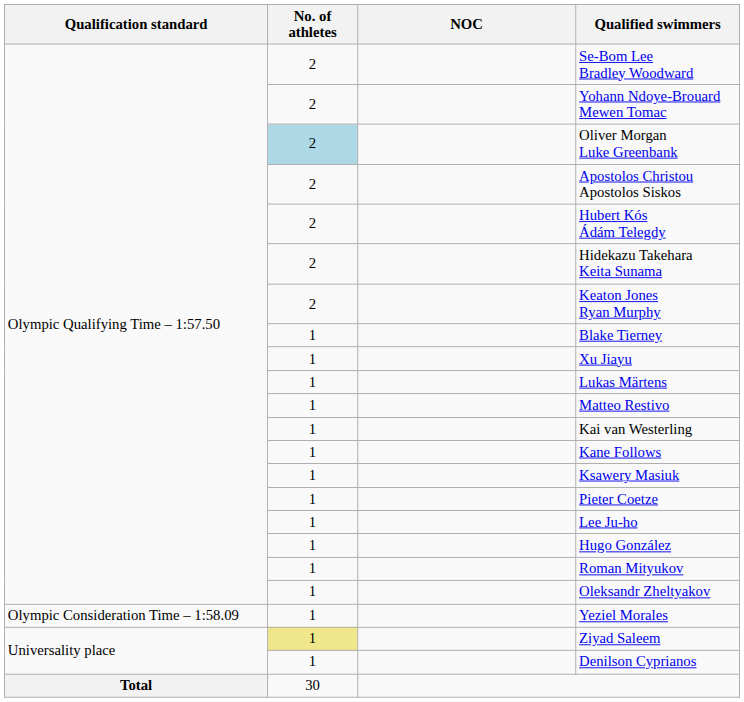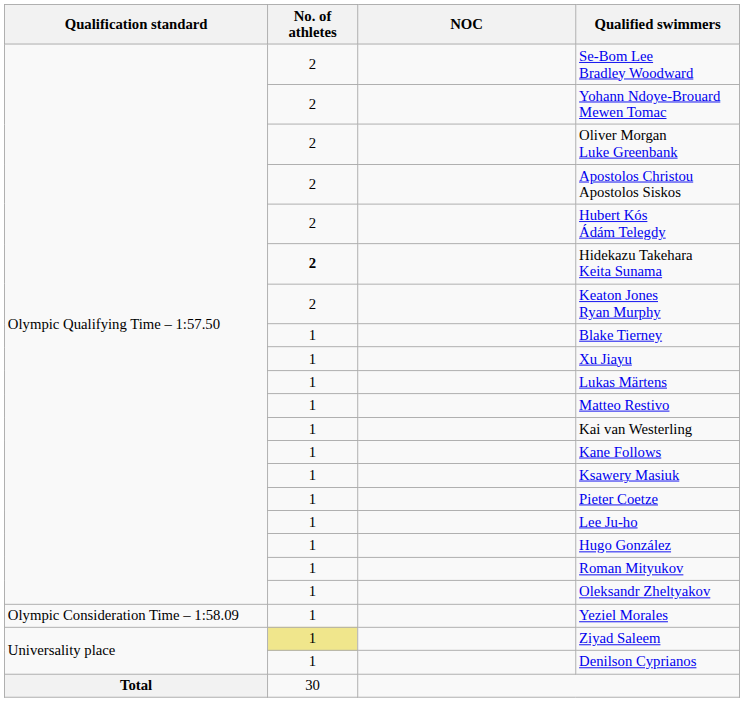 <table class=wikitable style="text-align:left" width=800>
 <tr>
 <th scope="col">Qualification standard</th>
 <th scope="col" width =90>No. of athletes</th>
 <th scope="col" width =230>NOC</th>
 <th scope="col">Qualified swimmers</th>
 </tr>
 <tr>
 <td rowspan=19>Olympic Qualifying Time – 1:57.50</td>
 <td align=center>2</td>
 <td></td>
 <td><a href='#'>Se-Bom Lee</a><br><a href='#'>Bradley Woodward</a></td>
 </tr>
 <tr>
 <td align=center>2</td>
 <td></td>
 <td><a href='#'>Yohann Ndoye-Brouard</a><br><a href='#'>Mewen Tomac</a></td>
 </tr>
 <tr>
-<td align=center style="background: lightblue;">2</td>
+<td align=center>2</td>
 <td></td>
 <td>Oliver Morgan<br><a href='#'>Luke Greenbank</a></td>
 </tr>
 <tr>
 <td align=center>2</td>
 <td></td>
 <td><a href='#'>Apostolos Christou</a><br>Apostolos Siskos</td>
 </tr>
 <tr>
 <td align=center>2</td>
 <td></td>
 <td><a href='#'>Hubert Kós</a><br><a href='#'>Ádám Telegdy</a></td>
 </tr>
 <tr>
-<td align=center>2</td>
+<td align=center><strong>2</strong></td>
 <td></td>
 <td>Hidekazu Takehara<br><a href='#'>Keita Sunama</a></td>
 </tr>
 <tr>
 <td align=center>2</td>
 <td></td>
 <td><a href='#'>Keaton Jones</a><br><a href='#'>Ryan Murphy</a></td>
 </tr>
 <tr>
 <td align=center>1</td>
 <td></td>
 <td><a href='#'>Blake Tierney</a></td>
 </tr>
 <tr>
 <td align=center>1</td>
 <td></td>
 <td><a href='#'>Xu Jiayu</a></td>
 </tr>
 <tr>
 <td align=center>1</td>
 <td></td>
 <td><a href='#'>Lukas Märtens</a></td>
 </tr>
 <tr>
 <td align=center>1</td>
 <td></td>
 <td><a href='#'>Matteo Restivo</a></td>
 </tr>
 <tr>
 <td align=center>1</td>
 <td></td>
 <td>Kai van Westerling</td>
 </tr>
 <tr>
 <td align=center>1</td>
 <td></td>
 <td><a href='#'>Kane Follows</a></td>
 </tr>
 <tr>
 <td align=center>1</td>
 <td></td>
 <td><a href='#'>Ksawery Masiuk</a></td>
 </tr>
 <tr>
 <td align=center>1</td>
 <td></td>
 <td><a href='#'>Pieter Coetze</a></td>
 </tr>
 <tr>
 <td align=center>1</td>
 <td></td>
 <td><a href='#'>Lee Ju-ho</a></td>
 </tr>
 <tr>
 <td align=center>1</td>
 <td></td>
 <td><a href='#'>Hugo González</a></td>
 </tr>
 <tr>
 <td align=center>1</td>
 <td></td>
 <td><a href='#'>Roman Mityukov</a></td>
 </tr>
 <tr>
 <td align=center>1</td>
 <td></td>
 <td><a href='#'>Oleksandr Zheltyakov</a></td>
 </tr>
 <tr>
 <td>Olympic Consideration Time – 1:58.09</td>
 <td align=center>1</td>
 <td></td>
 <td><a href='#'>Yeziel Morales</a></td>
 </tr>
 <tr>
 <td rowspan=2>Universality place</td>
 <td align=center style="background: khaki;">1</td>
 <td></td>
 <td><a href='#'>Ziyad Saleem</a></td>
 </tr>
 <tr>
 <td align=center>1</td>
 <td></td>
 <td><a href='#'>Denilson Cyprianos</a></td>
 </tr>
 <tr>
 <th scope="row">Total</th>
 <td align=center>30</td>
 <td colspan=2></td>
 </tr>
 </table>
